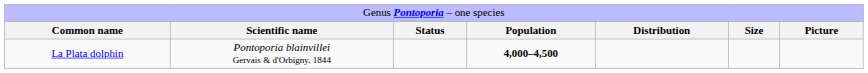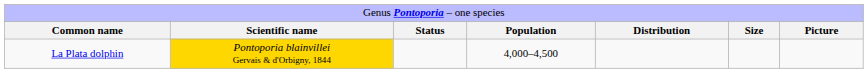 <table class="wikitable" style="width:100%;text-align:center">
 <tr>
 <td colspan="100%" align="center" bgcolor="#BBBBFF">Genus <strong><em><a href='#'>Pontoporia</a></em></strong> – one species</td>
 </tr>
 <tr>
 <th scope="col">Common name</th>
 <th scope="col">Scientific name</th>
 <th scope="col">Status</th>
 <th scope="col">Population</th>
 <th scope="col">Distribution</th>
 <th scope="col">Size</th>
 <th scope="col">Picture</th>
 </tr>
 <tr>
 <td><a href='#'>La Plata dolphin</a></td>
-<td><em>Pontoporia blainvillei</em><br><small>Gervais & d'Orbigny, 1844</small></td>
+<td style="background: gold;"><em>Pontoporia blainvillei</em><br><small>Gervais & d'Orbigny, 1844</small></td>
 <td></td>
-<td><strong>4,000–4,500</strong></td>
+<td>4,000–4,500</td>
 <td></td>
 <td><br> </td>
 <td></td>
 </tr>
 </table>
